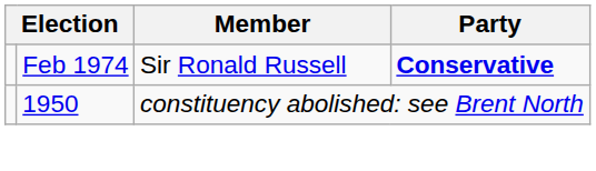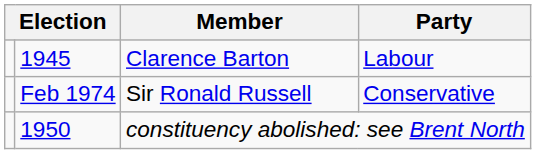 <table class="wikitable">
 <tr>
 <th colspan="2">Election</th>
 <th>Member</th>
 <th>Party</th>
 </tr>
 <tr>
 <td style="color:inherit;background-color: "></td>
+<td><a href='#'>1945</a></td>
+<td><a href='#'>Clarence Barton</a></td>
+<td><a href='#'>Labour</a></td>
+</tr>
+<tr>
+<td style="color:inherit;background-color: "></td>
 <td><a href='#'>Feb 1974</a></td>
 <td>Sir <a href='#'>Ronald Russell</a></td>
-<td><strong><a href='#'>Conservative</a></strong></td>
+<td><a href='#'>Conservative</a></td>
 </tr>
 <tr>
 <td></td>
 <td><a href='#'>1950</a></td>
 <td colspan="2"><em>constituency abolished: see <a href='#'>Brent North</a></em></td>
 </tr>
 </table>
